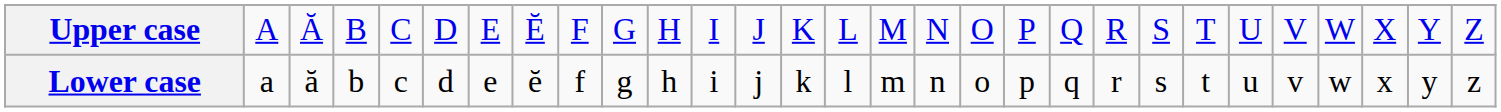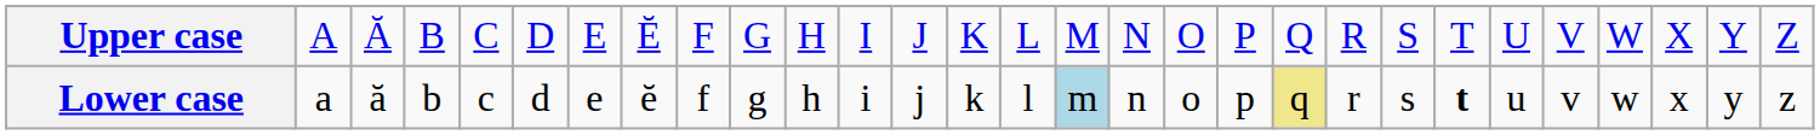 <table class="wikitable">
 <tr style="text-align:center;">
 <th><a href='#'>Upper case</a></th>
 <td style="width:3%; "><a href='#'>A</a></td>
 <td style="width:3%; text-align:center;"><a href='#'>Ă</a></td>
 <td style="width:3%; text-align:center;"><a href='#'>B</a></td>
 <td style="width:3%; text-align:center;"><a href='#'>C</a></td>
 <td style="width:3%; text-align:center;"><a href='#'>D</a></td>
 <td style="width:3%; text-align:center;"><a href='#'>E</a></td>
 <td style="width:3%; text-align:center;"><a href='#'>Ĕ</a></td>
 <td style="width:3%; text-align:center;"><a href='#'>F</a></td>
 <td style="width:3%; text-align:center;"><a href='#'>G</a></td>
 <td style="width:3%; text-align:center;"><a href='#'>H</a></td>
 <td style="width:3%; text-align:center;"><a href='#'>I</a></td>
 <td style="width:3%; text-align:center;"><a href='#'>J</a></td>
 <td style="width:3%; text-align:center;"><a href='#'>K</a></td>
 <td style="width:3%; text-align:center;"><a href='#'>L</a></td>
 <td style="width:3%; text-align:center;"><a href='#'>M</a></td>
 <td style="width:3%; text-align:center;"><a href='#'>N</a></td>
 <td style="width:3%; text-align:center;"><a href='#'>O</a></td>
 <td style="width:3%; text-align:center;"><a href='#'>P</a></td>
 <td style="width:3%; text-align:center;"><a href='#'>Q</a></td>
 <td style="width:3%; text-align:center;"><a href='#'>R</a></td>
 <td style="width:3%; text-align:center;"><a href='#'>S</a></td>
 <td style="width:3%; text-align:center;"><a href='#'>T</a></td>
 <td style="width:3%; text-align:center;"><a href='#'>U</a></td>
 <td style="width:3%; text-align:center;"><a href='#'>V</a></td>
 <td style="width:3%; text-align:center;"><a href='#'>W</a></td>
 <td style="width:3%; text-align:center;"><a href='#'>X</a></td>
 <td style="width:3%; text-align:center;"><a href='#'>Y</a></td>
 <td style="width:3%; text-align:center;"><a href='#'>Z</a></td>
 </tr>
 <tr style="text-align:center;">
 <th><a href='#'>Lower case</a></th>
 <td>a</td>
 <td>ă</td>
 <td>b</td>
 <td>c</td>
 <td>d</td>
 <td>e</td>
 <td>ĕ</td>
 <td>f</td>
 <td>g</td>
 <td>h</td>
 <td>i</td>
 <td>j</td>
 <td>k</td>
 <td>l</td>
-<td>m</td>
+<td style="background: lightblue;">m</td>
 <td>n</td>
 <td>o</td>
 <td>p</td>
-<td>q</td>
+<td style="background: khaki;">q</td>
 <td>r</td>
 <td>s</td>
-<td>t</td>
+<td><strong>t</strong></td>
 <td>u</td>
 <td>v</td>
 <td>w</td>
 <td>x</td>
 <td>y</td>
 <td>z</td>
 </tr>
 </table>
